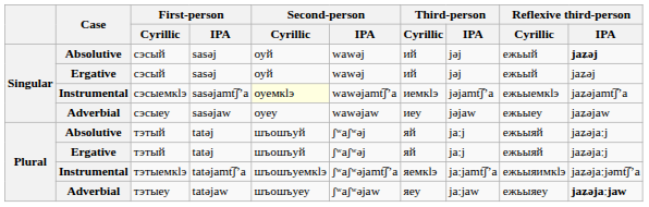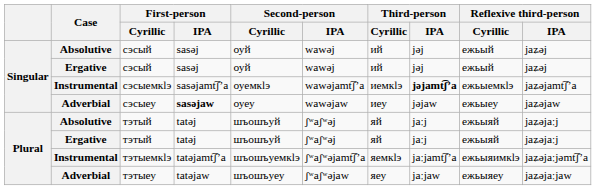 <table class=wikitable>
 <tr>
 <th rowspan=2></th>
 <th rowspan=2>Case</th>
 <th colspan=2>First-person</th>
 <th colspan=2>Second-person</th>
 <th colspan=2>Third-person</th>
 <th colspan=2>Reflexive third-person</th>
 </tr>
 <tr>
 <th>Cyrillic</th>
 <th>IPA</th>
 <th>Cyrillic</th>
 <th>IPA</th>
 <th>Cyrillic</th>
 <th>IPA</th>
 <th>Cyrillic</th>
 <th>IPA</th>
 </tr>
 <tr>
 <th rowspan=4>Singular</th>
 <th>Absolutive</th>
 <td>сэсый</td>
 <td>sasəj</td>
 <td>оуй</td>
 <td>wawəj</td>
 <td>ий</td>
 <td>jəj</td>
 <td>ежьый</td>
-<td><strong>jaʑəj</strong></td>
+<td>jaʑəj</td>
 </tr>
 <tr>
 <th>Ergative</th>
 <td>сэсый</td>
 <td>sasəj</td>
 <td>оуй</td>
 <td>wawəj</td>
 <td>ий</td>
 <td>jəj</td>
 <td>ежьый</td>
 <td>jaʑəj</td>
 </tr>
 <tr>
 <th>Instrumental</th>
 <td>сэсыемкӏэ</td>
 <td>sasəjamt͡ʃʼa</td>
-<td style="background: lightyellow;">оуемкӏэ</td>
+<td>оуемкӏэ</td>
 <td>wawəjamt͡ʃʼa</td>
 <td>иемкӏэ</td>
-<td>jəjamt͡ʃʼa</td>
+<td><strong>jəjamt͡ʃʼa</strong></td>
 <td>ежьыемкӏэ</td>
 <td>jaʑəjamt͡ʃʼa</td>
 </tr>
 <tr>
 <th>Adverbial</th>
 <td>сэсыеу</td>
-<td>sasəjaw</td>
+<td><strong>sasəjaw</strong></td>
 <td>оуеу</td>
 <td>wawəjaw</td>
 <td>иеу</td>
 <td>jəjaw</td>
 <td>ежьыеу</td>
 <td>jaʑəjaw</td>
 </tr>
 <tr>
 <th rowspan=4>Plural</th>
 <th>Absolutive</th>
 <td>тэтый</td>
 <td>tatəj</td>
 <td>шъошъуй</td>
 <td>ʃʷaʃʷəj</td>
 <td>яй</td>
 <td>jaːj</td>
 <td>ежьыяй</td>
 <td>jaʑəjaːj</td>
 </tr>
 <tr>
 <th>Ergative</th>
 <td>тэтый</td>
 <td>tatəj</td>
 <td>шъошъуй</td>
 <td>ʃʷaʃʷəj</td>
 <td>яй</td>
 <td>jaːj</td>
 <td>ежьыяй</td>
 <td>jaʑəjaːj</td>
 </tr>
 <tr>
 <th>Instrumental</th>
 <td>тэтыемкӏэ</td>
 <td>tatəjamt͡ʃʼa</td>
 <td>шъошъуемкӏэ</td>
 <td>ʃʷaʃʷəjamt͡ʃʼa</td>
 <td>яемкӏэ</td>
 <td>jaːjamt͡ʃʼa</td>
 <td>ежьыяимкӏэ</td>
 <td>jaʑəjaːjəmt͡ʃʼa</td>
 </tr>
 <tr>
 <th>Adverbial</th>
 <td>тэтыеу</td>
 <td>tatəjaw</td>
 <td>шъошъуеу</td>
 <td>ʃʷaʃʷəjaw</td>
 <td>яеу</td>
 <td>jaːjaw</td>
 <td>ежьыяеу</td>
-<td><strong>jaʑəjaːjaw</strong></td>
+<td>jaʑəjaːjaw</td>
 </tr>
 </table>
